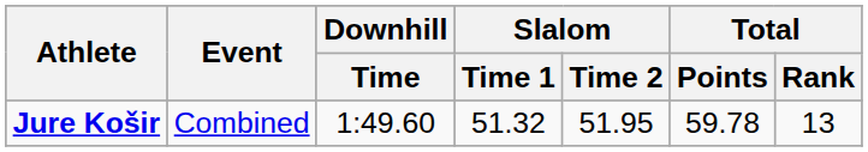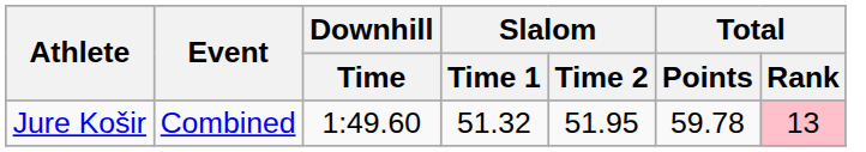 <table class="wikitable" style="font-size:90%">
 <tr>
 <th rowspan="2">Athlete</th>
 <th rowspan="2">Event</th>
 <th>Downhill</th>
 <th colspan="2">Slalom</th>
 <th colspan="2">Total</th>
 </tr>
 <tr>
 <th>Time</th>
 <th>Time 1</th>
 <th>Time 2</th>
 <th>Points</th>
 <th>Rank</th>
 </tr>
 <tr>
-<td><strong><a href='#'>Jure Košir</a></strong></td>
+<td><a href='#'>Jure Košir</a></td>
 <td><a href='#'>Combined</a></td>
 <td align="center">1:49.60</td>
 <td align="center">51.32</td>
 <td align="center">51.95</td>
 <td align="center">59.78</td>
-<td align="center">13</td>
+<td align="center" style="background: pink;">13</td>
 </tr>
 </table>
